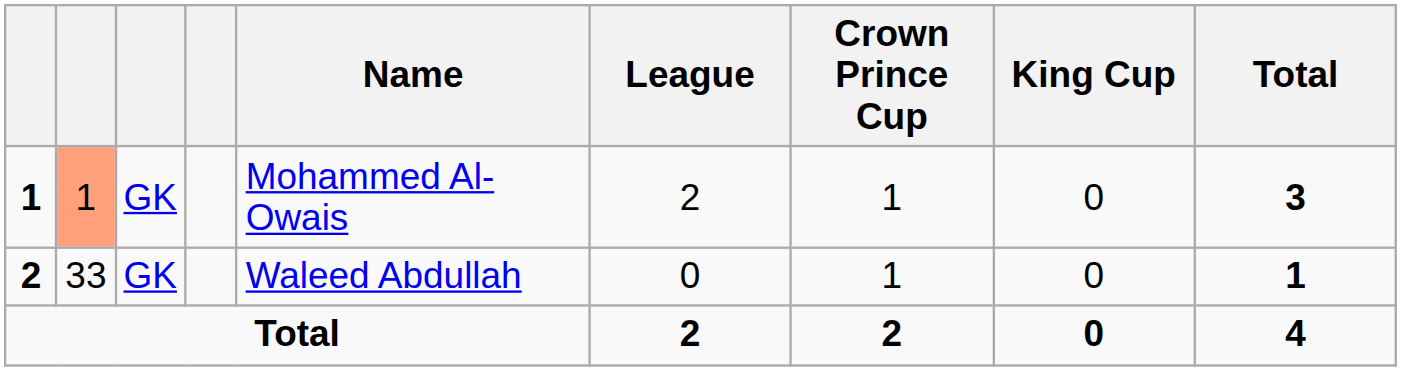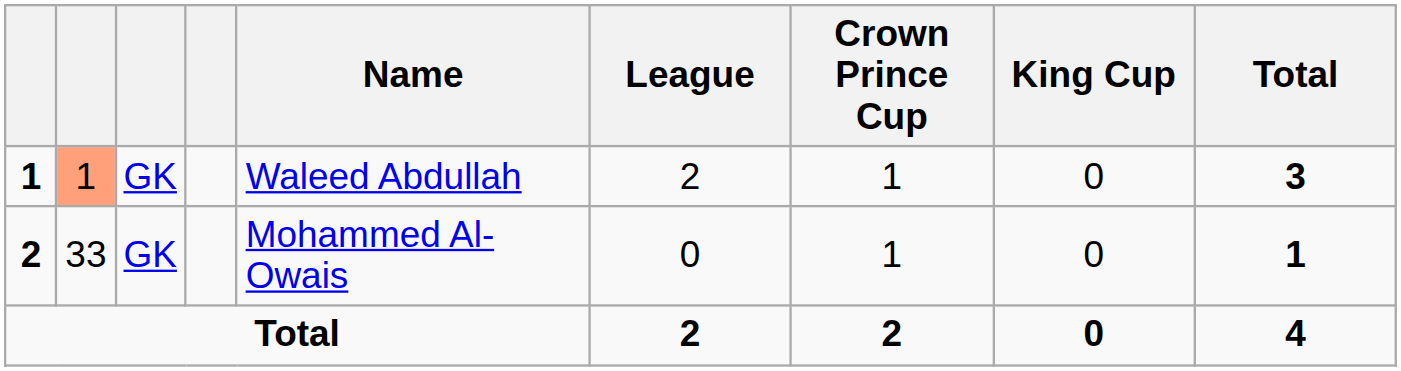 <table class="wikitable" style="text-align:center">
 <tr>
 <th width=15></th>
 <th width=15></th>
 <th width=15></th>
 <th width=15></th>
 <th width=145>Name</th>
 <th width=80>League</th>
 <th width=80>Crown Prince Cup</th>
 <th width=80>King Cup</th>
 <th width=80>Total</th>
 </tr>
 <tr>
 <td><strong>1</strong></td>
 <td style="background: lightsalmon;">1</td>
 <td><a href='#'>GK</a></td>
 <td></td>
-<td align=left><a href='#'>Mohammed Al-Owais</a></td>
+<td align=left><a href='#'>Waleed Abdullah</a></td>
 <td>2</td>
 <td>1</td>
 <td>0</td>
 <td><strong>3</strong></td>
 </tr>
 <tr>
 <td><strong>2</strong></td>
 <td>33</td>
 <td><a href='#'>GK</a></td>
 <td></td>
-<td align=left><a href='#'>Waleed Abdullah</a></td>
+<td align=left><a href='#'>Mohammed Al-Owais</a></td>
 <td>0</td>
 <td>1</td>
 <td>0</td>
 <td><strong>1</strong></td>
 </tr>
 <tr>
 <td colspan=5><strong>Total</strong></td>
 <td><strong>2</strong></td>
 <td><strong>2</strong></td>
 <td><strong>0</strong></td>
 <td><strong>4</strong></td>
 </tr>
 </table>
